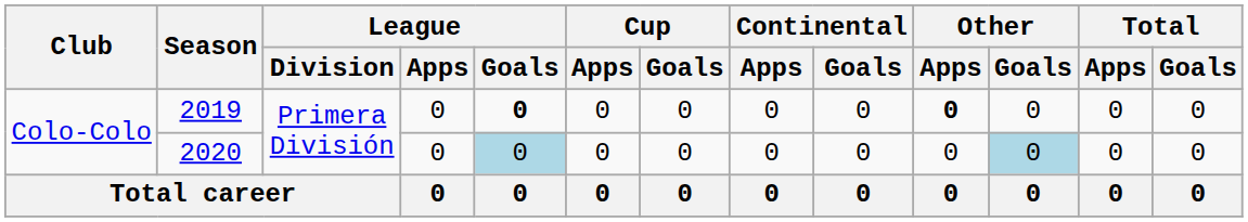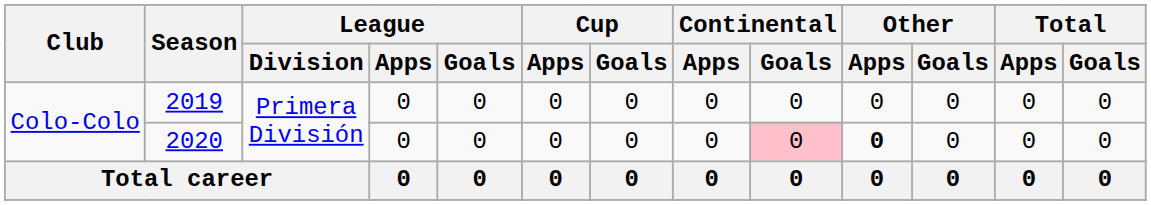 <table class="wikitable" style="text-align: center">
 <tr>
 <th rowspan="2">Club</th>
 <th rowspan="2">Season</th>
 <th colspan="3">League</th>
 <th colspan="2">Cup</th>
 <th colspan="2">Continental</th>
 <th colspan="2">Other</th>
 <th colspan="2">Total</th>
 </tr>
 <tr>
 <th>Division</th>
 <th>Apps</th>
 <th>Goals</th>
 <th>Apps</th>
 <th>Goals</th>
 <th>Apps</th>
 <th>Goals</th>
 <th>Apps</th>
 <th>Goals</th>
 <th>Apps</th>
 <th>Goals</th>
 </tr>
 <tr>
 <td rowspan="2"><a href='#'>Colo-Colo</a></td>
 <td><a href='#'>2019</a></td>
 <td rowspan="2"><a href='#'>Primera<br>División</a></td>
 <td>0</td>
-<td><strong>0</strong></td>
 <td>0</td>
 <td>0</td>
 <td>0</td>
 <td>0</td>
-<td><strong>0</strong></td>
+<td>0</td>
+<td>0</td>
 <td>0</td>
 <td>0</td>
 <td>0</td>
 </tr>
 <tr>
 <td><a href='#'>2020</a></td>
 <td>0</td>
-<td style="background: lightblue;">0</td>
 <td>0</td>
 <td>0</td>
 <td>0</td>
 <td>0</td>
+<td style="background: pink;">0</td>
+<td><strong>0</strong></td>
 <td>0</td>
-<td style="background: lightblue;">0</td>
 <td>0</td>
 <td>0</td>
 </tr>
 <tr>
 <th colspan="3"><strong>Total career</strong></th>
 <th>0</th>
 <th>0</th>
 <th>0</th>
 <th>0</th>
 <th>0</th>
 <th>0</th>
 <th>0</th>
 <th>0</th>
 <th>0</th>
 <th>0</th>
 </tr>
 </table>
